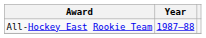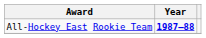 <table class="wikitable">
 <tr>
 <th>Award</th>
 <th>Year</th>
 <th></th>
 </tr>
 <tr>
 <td>All-<a href='#'>Hockey East</a> <a href='#'>Rookie Team</a></td>
-<td><a href='#'>1987–88</a></td>
+<td><strong><a href='#'>1987–88</a></strong></td>
 <td></td>
 </tr>
 <tr>
 </tr>
 </table>
